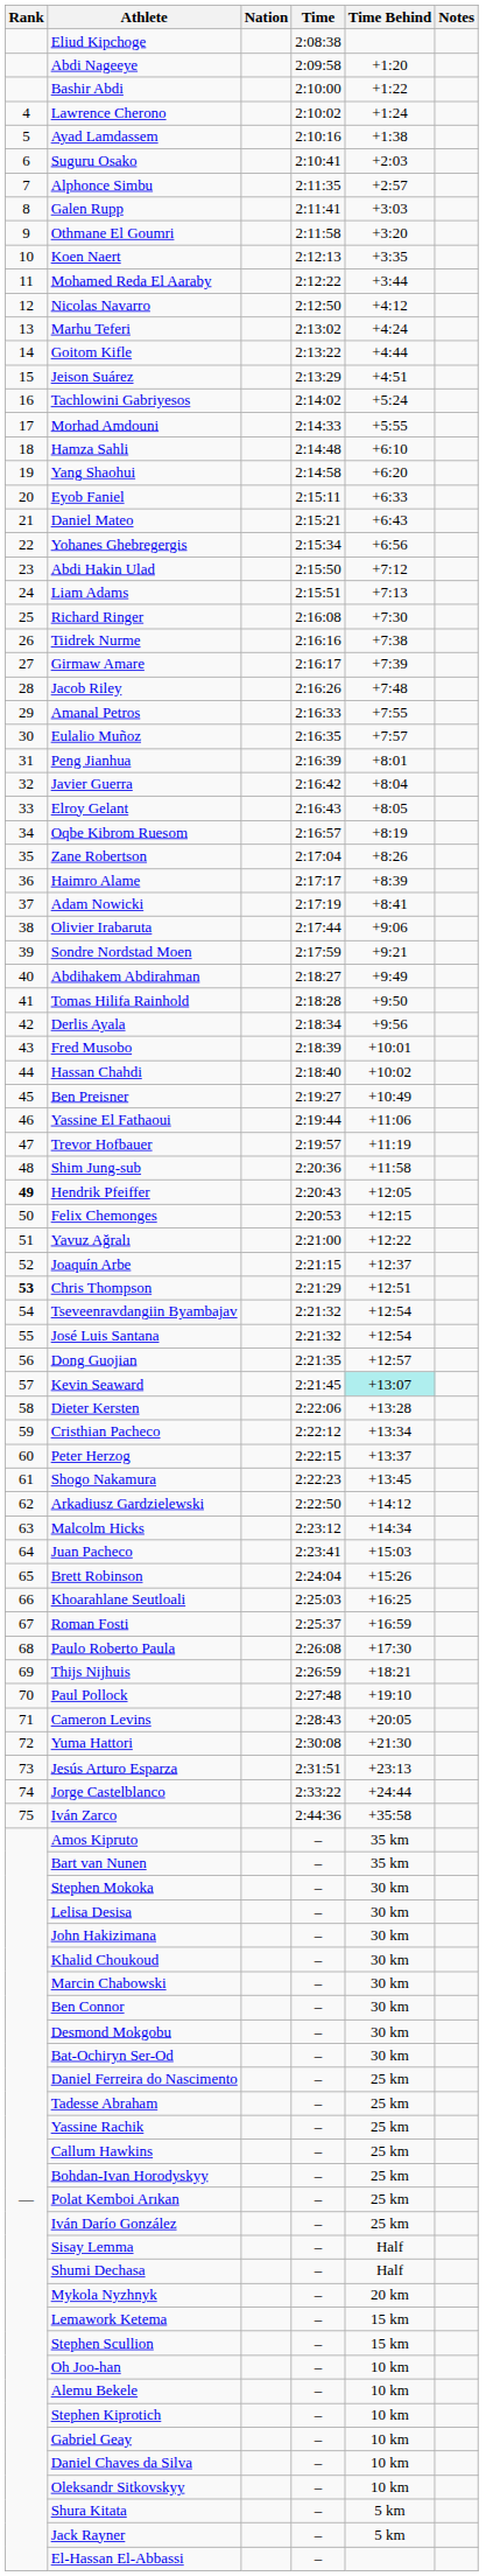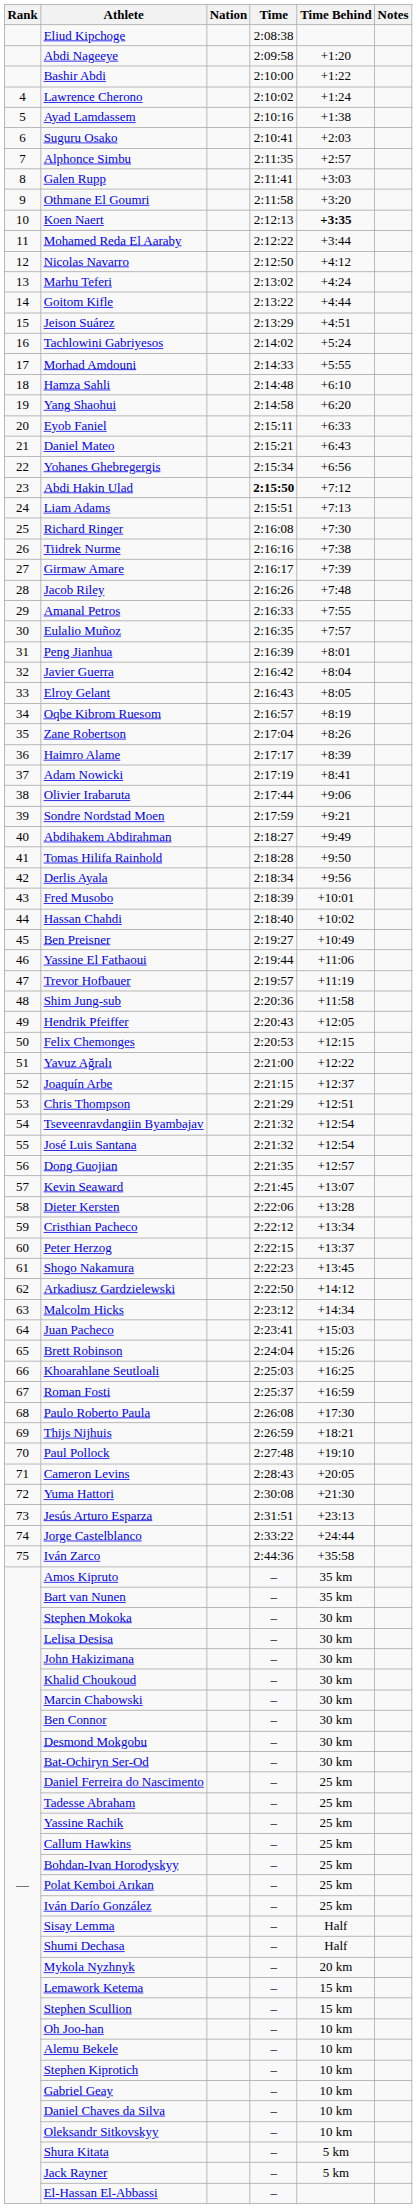 <table class="wikitable sortable" style="text-align:center">
 <tr>
 <th>Rank</th>
 <th>Athlete</th>
 <th>Nation</th>
 <th>Time</th>
 <th>Time Behind</th>
 <th>Notes</th>
 </tr>
 <tr>
 <td></td>
 <td align="left"><a href='#'>Eliud Kipchoge</a></td>
 <td align="left"></td>
 <td>2:08:38</td>
 <td></td>
 <td></td>
 </tr>
 <tr>
 <td></td>
 <td align="left"><a href='#'>Abdi Nageeye</a></td>
 <td align="left"></td>
 <td>2:09:58</td>
 <td>+1:20</td>
 <td></td>
 </tr>
 <tr>
 <td></td>
 <td align="left"><a href='#'>Bashir Abdi</a></td>
 <td align="left"></td>
 <td>2:10:00</td>
 <td>+1:22</td>
 <td></td>
 </tr>
 <tr>
 <td>4</td>
 <td align="left"><a href='#'>Lawrence Cherono</a></td>
 <td align="left"></td>
 <td>2:10:02</td>
 <td>+1:24</td>
 <td></td>
 </tr>
 <tr>
 <td>5</td>
 <td align="left"><a href='#'>Ayad Lamdassem</a></td>
 <td align="left"></td>
 <td>2:10:16</td>
 <td>+1:38</td>
 <td></td>
 </tr>
 <tr>
 <td>6</td>
 <td align="left"><a href='#'>Suguru Osako</a></td>
 <td align="left"></td>
 <td>2:10:41</td>
 <td>+2:03</td>
 <td></td>
 </tr>
 <tr>
 <td>7</td>
 <td align="left"><a href='#'>Alphonce Simbu</a></td>
 <td align="left"></td>
 <td>2:11:35</td>
 <td>+2:57</td>
 <td></td>
 </tr>
 <tr>
 <td>8</td>
 <td align="left"><a href='#'>Galen Rupp</a></td>
 <td align="left"></td>
 <td>2:11:41</td>
 <td>+3:03</td>
 <td></td>
 </tr>
 <tr>
 <td>9</td>
 <td align="left"><a href='#'>Othmane El Goumri</a></td>
 <td align="left"></td>
 <td>2:11:58</td>
 <td>+3:20</td>
 <td></td>
 </tr>
 <tr>
 <td>10</td>
 <td align="left"><a href='#'>Koen Naert</a></td>
 <td align="left"></td>
 <td>2:12:13</td>
-<td>+3:35</td>
+<td><strong>+3:35</strong></td>
 <td></td>
 </tr>
 <tr>
 <td>11</td>
 <td align="left"><a href='#'>Mohamed Reda El Aaraby</a></td>
 <td align="left"></td>
 <td>2:12:22</td>
 <td>+3:44</td>
 <td></td>
 </tr>
 <tr>
 <td>12</td>
 <td align="left"><a href='#'>Nicolas Navarro</a></td>
 <td align="left"></td>
 <td>2:12:50</td>
 <td>+4:12</td>
 <td></td>
 </tr>
 <tr>
 <td>13</td>
 <td align="left"><a href='#'>Marhu Teferi</a></td>
 <td align="left"></td>
 <td>2:13:02</td>
 <td>+4:24</td>
 <td></td>
 </tr>
 <tr>
 <td>14</td>
 <td align="left"><a href='#'>Goitom Kifle</a></td>
 <td align="left"></td>
 <td>2:13:22</td>
 <td>+4:44</td>
 <td></td>
 </tr>
 <tr>
 <td>15</td>
 <td align="left"><a href='#'>Jeison Suárez</a></td>
 <td align="left"></td>
 <td>2:13:29</td>
 <td>+4:51</td>
 <td></td>
 </tr>
 <tr>
 <td>16</td>
 <td align="left"><a href='#'>Tachlowini Gabriyesos</a></td>
 <td align="left"></td>
 <td>2:14:02</td>
 <td>+5:24</td>
 <td></td>
 </tr>
 <tr>
 <td>17</td>
 <td align="left"><a href='#'>Morhad Amdouni</a></td>
 <td align="left"></td>
 <td>2:14:33</td>
 <td>+5:55</td>
 <td></td>
 </tr>
 <tr>
 <td>18</td>
 <td align="left"><a href='#'>Hamza Sahli</a></td>
 <td align="left"></td>
 <td>2:14:48</td>
 <td>+6:10</td>
 <td></td>
 </tr>
 <tr>
 <td>19</td>
 <td align="left"><a href='#'>Yang Shaohui</a></td>
 <td align="left"></td>
 <td>2:14:58</td>
 <td>+6:20</td>
 <td></td>
 </tr>
 <tr>
 <td>20</td>
 <td align="left"><a href='#'>Eyob Faniel</a></td>
 <td align="left"></td>
 <td>2:15:11</td>
 <td>+6:33</td>
 <td></td>
 </tr>
 <tr>
 <td>21</td>
 <td align="left"><a href='#'>Daniel Mateo</a></td>
 <td align="left"></td>
 <td>2:15:21</td>
 <td>+6:43</td>
 <td></td>
 </tr>
 <tr>
 <td>22</td>
 <td align="left"><a href='#'>Yohanes Ghebregergis</a></td>
 <td align="left"></td>
 <td>2:15:34</td>
 <td>+6:56</td>
 <td></td>
 </tr>
 <tr>
 <td>23</td>
 <td align="left"><a href='#'>Abdi Hakin Ulad</a></td>
 <td align="left"></td>
-<td>2:15:50</td>
+<td><strong>2:15:50</strong></td>
 <td>+7:12</td>
 <td></td>
 </tr>
 <tr>
 <td>24</td>
 <td align="left"><a href='#'>Liam Adams</a></td>
 <td align="left"></td>
 <td>2:15:51</td>
 <td>+7:13</td>
 <td></td>
 </tr>
 <tr>
 <td>25</td>
 <td align="left"><a href='#'>Richard Ringer</a></td>
 <td align="left"></td>
 <td>2:16:08</td>
 <td>+7:30</td>
 <td></td>
 </tr>
 <tr>
 <td>26</td>
 <td align="left"><a href='#'>Tiidrek Nurme</a></td>
 <td align="left"></td>
 <td>2:16:16</td>
 <td>+7:38</td>
 <td></td>
 </tr>
 <tr>
 <td>27</td>
 <td align="left"><a href='#'>Girmaw Amare</a></td>
 <td align="left"></td>
 <td>2:16:17</td>
 <td>+7:39</td>
 <td></td>
 </tr>
 <tr>
 <td>28</td>
 <td align="left"><a href='#'>Jacob Riley</a></td>
 <td align="left"></td>
 <td>2:16:26</td>
 <td>+7:48</td>
 <td></td>
 </tr>
 <tr>
 <td>29</td>
 <td align="left"><a href='#'>Amanal Petros</a></td>
 <td align="left"></td>
 <td>2:16:33</td>
 <td>+7:55</td>
 <td></td>
 </tr>
 <tr>
 <td>30</td>
 <td align="left"><a href='#'>Eulalio Muñoz</a></td>
 <td align="left"></td>
 <td>2:16:35</td>
 <td>+7:57</td>
 <td></td>
 </tr>
 <tr>
 <td>31</td>
 <td align="left"><a href='#'>Peng Jianhua</a></td>
 <td align="left"></td>
 <td>2:16:39</td>
 <td>+8:01</td>
 <td></td>
 </tr>
 <tr>
 <td>32</td>
 <td align="left"><a href='#'>Javier Guerra</a></td>
 <td align="left"></td>
 <td>2:16:42</td>
 <td>+8:04</td>
 <td></td>
 </tr>
 <tr>
 <td>33</td>
 <td align="left"><a href='#'>Elroy Gelant</a></td>
 <td align="left"></td>
 <td>2:16:43</td>
 <td>+8:05</td>
 <td></td>
 </tr>
 <tr>
 <td>34</td>
 <td align="left"><a href='#'>Oqbe Kibrom Ruesom</a></td>
 <td align="left"></td>
 <td>2:16:57</td>
 <td>+8:19</td>
 <td></td>
 </tr>
 <tr>
 <td>35</td>
 <td align="left"><a href='#'>Zane Robertson</a></td>
 <td align="left"></td>
 <td>2:17:04</td>
 <td>+8:26</td>
 <td></td>
 </tr>
 <tr>
 <td>36</td>
 <td align="left"><a href='#'>Haimro Alame</a></td>
 <td align="left"></td>
 <td>2:17:17</td>
 <td>+8:39</td>
 <td></td>
 </tr>
 <tr>
 <td>37</td>
 <td align="left"><a href='#'>Adam Nowicki</a></td>
 <td align="left"></td>
 <td>2:17:19</td>
 <td>+8:41</td>
 <td></td>
 </tr>
 <tr>
 <td>38</td>
 <td align="left"><a href='#'>Olivier Irabaruta</a></td>
 <td align="left"></td>
 <td>2:17:44</td>
 <td>+9:06</td>
 <td></td>
 </tr>
 <tr>
 <td>39</td>
 <td align="left"><a href='#'>Sondre Nordstad Moen</a></td>
 <td align="left"></td>
 <td>2:17:59</td>
 <td>+9:21</td>
 <td></td>
 </tr>
 <tr>
 <td>40</td>
 <td align="left"><a href='#'>Abdihakem Abdirahman</a></td>
 <td align="left"></td>
 <td>2:18:27</td>
 <td>+9:49</td>
 <td></td>
 </tr>
 <tr>
 <td>41</td>
 <td align="left"><a href='#'>Tomas Hilifa Rainhold</a></td>
 <td align="left"></td>
 <td>2:18:28</td>
 <td>+9:50</td>
 <td></td>
 </tr>
 <tr>
 <td>42</td>
 <td align="left"><a href='#'>Derlis Ayala</a></td>
 <td align="left"></td>
 <td>2:18:34</td>
 <td>+9:56</td>
 <td></td>
 </tr>
 <tr>
 <td>43</td>
 <td align="left"><a href='#'>Fred Musobo</a></td>
 <td align="left"></td>
 <td>2:18:39</td>
 <td>+10:01</td>
 <td></td>
 </tr>
 <tr>
 <td>44</td>
 <td align="left"><a href='#'>Hassan Chahdi</a></td>
 <td align="left"></td>
 <td>2:18:40</td>
 <td>+10:02</td>
 <td></td>
 </tr>
 <tr>
 <td>45</td>
 <td align="left"><a href='#'>Ben Preisner</a></td>
 <td align="left"></td>
 <td>2:19:27</td>
 <td>+10:49</td>
 <td></td>
 </tr>
 <tr>
 <td>46</td>
 <td align="left"><a href='#'>Yassine El Fathaoui</a></td>
 <td align="left"></td>
 <td>2:19:44</td>
 <td>+11:06</td>
 <td></td>
 </tr>
 <tr>
 <td>47</td>
 <td align="left"><a href='#'>Trevor Hofbauer</a></td>
 <td align="left"></td>
 <td>2:19:57</td>
 <td>+11:19</td>
 <td></td>
 </tr>
 <tr>
 <td>48</td>
 <td align="left"><a href='#'>Shim Jung-sub</a></td>
 <td align="left"></td>
 <td>2:20:36</td>
 <td>+11:58</td>
 <td></td>
 </tr>
 <tr>
-<td><strong>49</strong></td>
+<td>49</td>
 <td align="left"><a href='#'>Hendrik Pfeiffer</a></td>
 <td align="left"></td>
 <td>2:20:43</td>
 <td>+12:05</td>
 <td></td>
 </tr>
 <tr>
 <td>50</td>
 <td align="left"><a href='#'>Felix Chemonges</a></td>
 <td align="left"></td>
 <td>2:20:53</td>
 <td>+12:15</td>
 <td></td>
 </tr>
 <tr>
 <td>51</td>
 <td align="left"><a href='#'>Yavuz Ağralı</a></td>
 <td align="left"></td>
 <td>2:21:00</td>
 <td>+12:22</td>
 <td></td>
 </tr>
 <tr>
 <td>52</td>
 <td align="left"><a href='#'>Joaquín Arbe</a></td>
 <td align="left"></td>
 <td>2:21:15</td>
 <td>+12:37</td>
 <td></td>
 </tr>
 <tr>
-<td><strong>53</strong></td>
+<td>53</td>
 <td align="left"><a href='#'>Chris Thompson</a></td>
 <td align="left"></td>
 <td>2:21:29</td>
 <td>+12:51</td>
 <td></td>
 </tr>
 <tr>
 <td>54</td>
 <td align="left"><a href='#'>Tseveenravdangiin Byambajav</a></td>
 <td align="left"></td>
 <td>2:21:32</td>
 <td>+12:54</td>
 <td></td>
 </tr>
 <tr>
 <td>55</td>
 <td align="left"><a href='#'>José Luis Santana</a></td>
 <td align="left"></td>
 <td>2:21:32</td>
 <td>+12:54</td>
 <td></td>
 </tr>
 <tr>
 <td>56</td>
 <td align="left"><a href='#'>Dong Guojian</a></td>
 <td align="left"></td>
 <td>2:21:35</td>
 <td>+12:57</td>
 <td></td>
 </tr>
 <tr>
 <td>57</td>
 <td align="left"><a href='#'>Kevin Seaward</a></td>
 <td align="left"></td>
 <td>2:21:45</td>
-<td style="background: paleturquoise;">+13:07</td>
+<td>+13:07</td>
 <td></td>
 </tr>
 <tr>
 <td>58</td>
 <td align="left"><a href='#'>Dieter Kersten</a></td>
 <td align="left"></td>
 <td>2:22:06</td>
 <td>+13:28</td>
 <td></td>
 </tr>
 <tr>
 <td>59</td>
 <td align="left"><a href='#'>Cristhian Pacheco</a></td>
 <td align="left"></td>
 <td>2:22:12</td>
 <td>+13:34</td>
 <td></td>
 </tr>
 <tr>
 <td>60</td>
 <td align="left"><a href='#'>Peter Herzog</a></td>
 <td align="left"></td>
 <td>2:22:15</td>
 <td>+13:37</td>
 <td></td>
 </tr>
 <tr>
 <td>61</td>
 <td align="left"><a href='#'>Shogo Nakamura</a></td>
 <td align="left"></td>
 <td>2:22:23</td>
 <td>+13:45</td>
 <td></td>
 </tr>
 <tr>
 <td>62</td>
 <td align="left"><a href='#'>Arkadiusz Gardzielewski</a></td>
 <td align="left"></td>
 <td>2:22:50</td>
 <td>+14:12</td>
 <td></td>
 </tr>
 <tr>
 <td>63</td>
 <td align="left"><a href='#'>Malcolm Hicks</a></td>
 <td align="left"></td>
 <td>2:23:12</td>
 <td>+14:34</td>
 <td></td>
 </tr>
 <tr>
 <td>64</td>
 <td align="left"><a href='#'>Juan Pacheco</a></td>
 <td align="left"></td>
 <td>2:23:41</td>
 <td>+15:03</td>
 <td></td>
 </tr>
 <tr>
 <td>65</td>
 <td align="left"><a href='#'>Brett Robinson</a></td>
 <td align="left"></td>
 <td>2:24:04</td>
 <td>+15:26</td>
 <td></td>
 </tr>
 <tr>
 <td>66</td>
 <td align="left"><a href='#'>Khoarahlane Seutloali</a></td>
 <td align="left"></td>
 <td>2:25:03</td>
 <td>+16:25</td>
 <td></td>
 </tr>
 <tr>
 <td>67</td>
 <td align="left"><a href='#'>Roman Fosti</a></td>
 <td align="left"></td>
 <td>2:25:37</td>
 <td>+16:59</td>
 <td></td>
 </tr>
 <tr>
 <td>68</td>
 <td align="left"><a href='#'>Paulo Roberto Paula</a></td>
 <td align="left"></td>
 <td>2:26:08</td>
 <td>+17:30</td>
 <td></td>
 </tr>
 <tr>
 <td>69</td>
 <td align="left"><a href='#'>Thijs Nijhuis</a></td>
 <td align="left"></td>
 <td>2:26:59</td>
 <td>+18:21</td>
 <td></td>
 </tr>
 <tr>
 <td>70</td>
 <td align="left"><a href='#'>Paul Pollock</a></td>
 <td align="left"></td>
 <td>2:27:48</td>
 <td>+19:10</td>
 <td></td>
 </tr>
 <tr>
 <td>71</td>
 <td align="left"><a href='#'>Cameron Levins</a></td>
 <td align="left"></td>
 <td>2:28:43</td>
 <td>+20:05</td>
 <td></td>
 </tr>
 <tr>
 <td>72</td>
 <td align="left"><a href='#'>Yuma Hattori</a></td>
 <td align="left"></td>
 <td>2:30:08</td>
 <td>+21:30</td>
 <td></td>
 </tr>
 <tr>
 <td>73</td>
 <td align="left"><a href='#'>Jesús Arturo Esparza</a></td>
 <td align="left"></td>
 <td>2:31:51</td>
 <td>+23:13</td>
 <td></td>
 </tr>
 <tr>
 <td>74</td>
 <td align="left"><a href='#'>Jorge Castelblanco</a></td>
 <td align="left"></td>
 <td>2:33:22</td>
 <td>+24:44</td>
 <td></td>
 </tr>
 <tr>
 <td>75</td>
 <td align="left"><a href='#'>Iván Zarco</a></td>
 <td align="left"></td>
 <td>2:44:36</td>
 <td>+35:58</td>
 <td></td>
 </tr>
 <tr>
 <td rowspan="31" data-sort-value="77">—</td>
 <td align="left"><a href='#'>Amos Kipruto</a></td>
 <td align="left"></td>
 <td>–</td>
 <td>35 km</td>
 <td></td>
 </tr>
 <tr>
 <td align="left"><a href='#'>Bart van Nunen</a></td>
 <td align="left"></td>
 <td>–</td>
 <td>35 km</td>
 <td></td>
 </tr>
 <tr>
 <td align="left"><a href='#'>Stephen Mokoka</a></td>
 <td align="left"></td>
 <td>–</td>
 <td>30 km</td>
 <td></td>
 </tr>
 <tr>
 <td align="left"><a href='#'>Lelisa Desisa</a></td>
 <td align="left"></td>
 <td>–</td>
 <td>30 km</td>
 <td></td>
 </tr>
 <tr>
 <td align="left"><a href='#'>John Hakizimana</a></td>
 <td align="left"></td>
 <td>–</td>
 <td>30 km</td>
 <td></td>
 </tr>
 <tr>
 <td align="left"><a href='#'>Khalid Choukoud</a></td>
 <td align="left"></td>
 <td>–</td>
 <td>30 km</td>
 <td></td>
 </tr>
 <tr>
 <td align="left"><a href='#'>Marcin Chabowski</a></td>
 <td align="left"></td>
 <td>–</td>
 <td>30 km</td>
 <td></td>
 </tr>
 <tr>
 <td align="left"><a href='#'>Ben Connor</a></td>
 <td align="left"></td>
 <td>–</td>
 <td>30 km</td>
 <td></td>
 </tr>
 <tr>
 <td align="left"><a href='#'>Desmond Mokgobu</a></td>
 <td align="left"></td>
 <td>–</td>
 <td>30 km</td>
 <td></td>
 </tr>
 <tr>
 <td align="left"><a href='#'>Bat-Ochiryn Ser-Od</a></td>
 <td align="left"></td>
 <td>–</td>
 <td>30 km</td>
 <td></td>
 </tr>
 <tr>
 <td align="left"><a href='#'>Daniel Ferreira do Nascimento</a></td>
 <td align="left"></td>
 <td>–</td>
 <td>25 km</td>
 <td></td>
 </tr>
 <tr>
 <td align="left"><a href='#'>Tadesse Abraham</a></td>
 <td align="left"></td>
 <td>–</td>
 <td>25 km</td>
 <td></td>
 </tr>
 <tr>
 <td align="left"><a href='#'>Yassine Rachik</a></td>
 <td align="left"></td>
 <td>–</td>
 <td>25 km</td>
 <td></td>
 </tr>
 <tr>
 <td align="left"><a href='#'>Callum Hawkins</a></td>
 <td align="left"></td>
 <td>–</td>
 <td>25 km</td>
 <td></td>
 </tr>
 <tr>
 <td align="left"><a href='#'>Bohdan-Ivan Horodyskyy</a></td>
 <td align="left"></td>
 <td>–</td>
 <td>25 km</td>
 <td></td>
 </tr>
 <tr>
 <td align="left"><a href='#'>Polat Kemboi Arıkan</a></td>
 <td align="left"></td>
 <td>–</td>
 <td>25 km</td>
 <td></td>
 </tr>
 <tr>
 <td align="left"><a href='#'>Iván Darío González</a></td>
 <td align="left"></td>
 <td>–</td>
 <td>25 km</td>
 <td></td>
 </tr>
 <tr>
 <td align="left"><a href='#'>Sisay Lemma</a></td>
 <td align="left"></td>
 <td>–</td>
 <td>Half</td>
 <td></td>
 </tr>
 <tr>
 <td align="left"><a href='#'>Shumi Dechasa</a></td>
 <td align="left"></td>
 <td>–</td>
 <td>Half</td>
 <td></td>
 </tr>
 <tr>
 <td align="left"><a href='#'>Mykola Nyzhnyk</a></td>
 <td align="left"></td>
 <td>–</td>
 <td>20 km</td>
 <td></td>
 </tr>
 <tr>
 <td align="left"><a href='#'>Lemawork Ketema</a></td>
 <td align="left"></td>
 <td>–</td>
 <td>15 km</td>
 <td></td>
 </tr>
 <tr>
 <td align="left"><a href='#'>Stephen Scullion</a></td>
 <td align="left"></td>
 <td>–</td>
 <td>15 km</td>
 <td></td>
 </tr>
 <tr>
 <td align="left"><a href='#'>Oh Joo-han</a></td>
 <td align="left"></td>
 <td>–</td>
 <td>10 km</td>
 <td></td>
 </tr>
 <tr>
 <td align="left"><a href='#'>Alemu Bekele</a></td>
 <td align="left"></td>
 <td>–</td>
 <td>10 km</td>
 <td></td>
 </tr>
 <tr>
 <td align="left"><a href='#'>Stephen Kiprotich</a></td>
 <td align="left"></td>
 <td>–</td>
 <td>10 km</td>
 <td></td>
 </tr>
 <tr>
 <td align="left"><a href='#'>Gabriel Geay</a></td>
 <td align="left"></td>
 <td>–</td>
 <td>10 km</td>
 <td></td>
 </tr>
 <tr>
 <td align="left"><a href='#'>Daniel Chaves da Silva</a></td>
 <td align="left"></td>
 <td>–</td>
 <td>10 km</td>
 <td></td>
 </tr>
 <tr>
 <td align="left"><a href='#'>Oleksandr Sitkovskyy</a></td>
 <td align="left"></td>
 <td>–</td>
 <td>10 km</td>
 <td></td>
 </tr>
 <tr>
 <td align="left"><a href='#'>Shura Kitata</a></td>
 <td align="left"></td>
 <td>–</td>
 <td>5 km</td>
 <td></td>
 </tr>
 <tr>
 <td align="left"><a href='#'>Jack Rayner</a></td>
 <td align="left"></td>
 <td>–</td>
 <td>5 km</td>
 <td></td>
 </tr>
 <tr>
 <td align="left"><a href='#'>El-Hassan El-Abbassi</a></td>
 <td align="left"></td>
 <td>–</td>
 <td></td>
 <td></td>
 </tr>
 </table>
